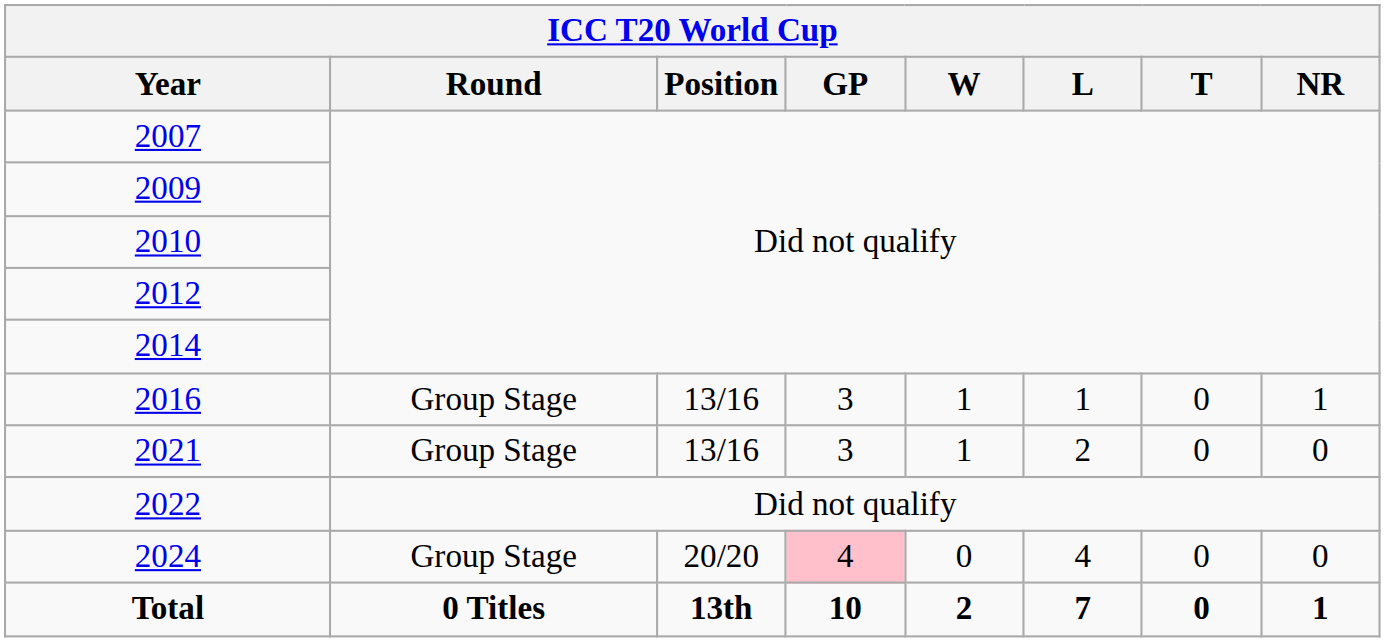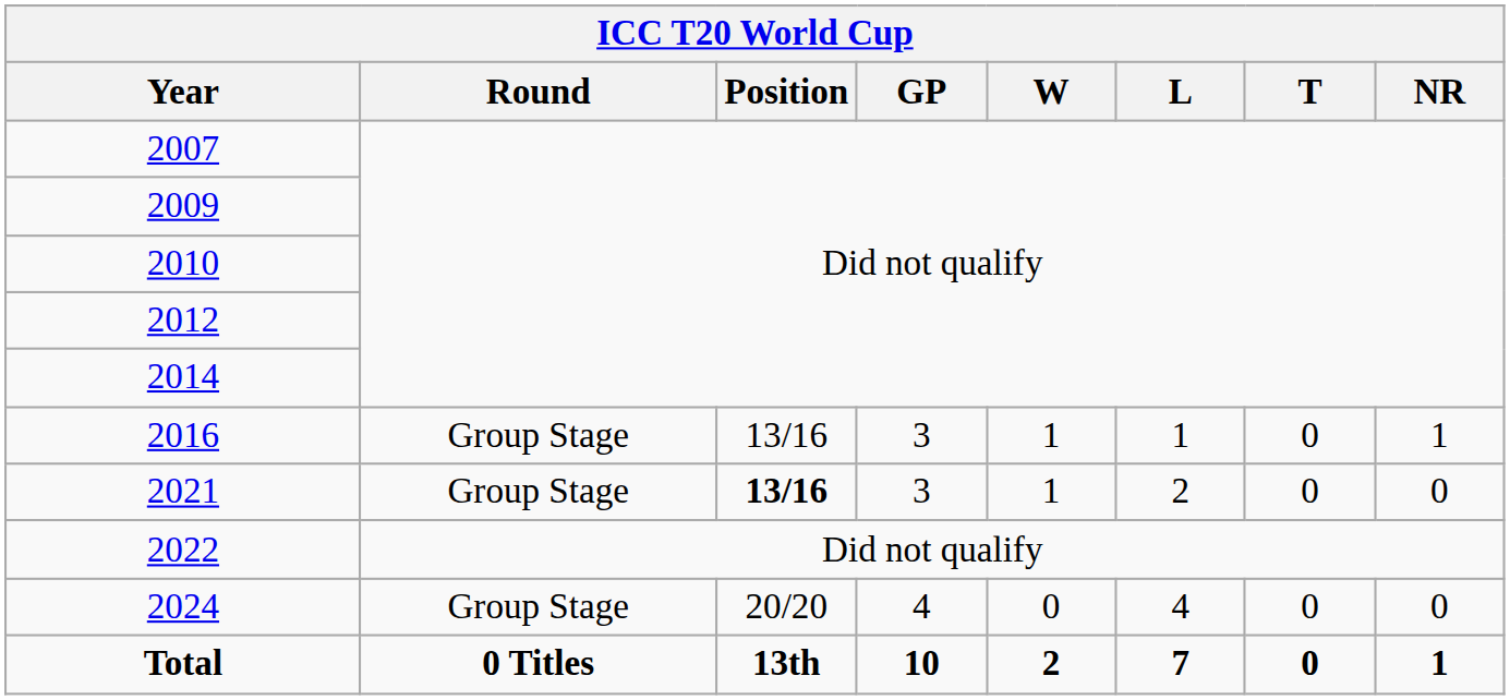 <table class="wikitable" style="text-align: center;">
 <tr>
 <th colspan=9><a href='#'>ICC T20 World Cup</a></th>
 </tr>
 <tr>
 <th width=150>Year</th>
 <th width=150>Round</th>
 <th width=50>Position</th>
 <th width=50>GP</th>
 <th width=50>W</th>
 <th width=50>L</th>
 <th width=50>T</th>
 <th width=50>NR</th>
 </tr>
 <tr>
 <td> <a href='#'>2007</a></td>
 <td colspan="7" rowspan="5">Did not qualify</td>
 </tr>
 <tr>
 <td> <a href='#'>2009</a></td>
 </tr>
 <tr>
 <td> <a href='#'>2010</a></td>
 </tr>
 <tr>
 <td> <a href='#'>2012</a></td>
 </tr>
 <tr>
 <td> <a href='#'>2014</a></td>
 </tr>
 <tr>
 <td> <a href='#'>2016</a></td>
 <td>Group Stage</td>
 <td>13/16</td>
 <td>3</td>
 <td>1</td>
 <td>1</td>
 <td>0</td>
 <td>1</td>
 </tr>
 <tr>
 <td> <a href='#'>2021</a></td>
 <td>Group Stage</td>
-<td>13/16</td>
+<td><strong>13/16</strong></td>
 <td>3</td>
 <td>1</td>
 <td>2</td>
 <td>0</td>
 <td>0</td>
 </tr>
 <tr>
 <td> <a href='#'>2022</a></td>
 <td colspan="7">Did not qualify</td>
 </tr>
 <tr>
 <td> <a href='#'>2024</a></td>
 <td>Group Stage</td>
 <td>20/20</td>
-<td style="background: pink;">4</td>
+<td>4</td>
 <td>0</td>
 <td>4</td>
 <td>0</td>
 <td>0</td>
 </tr>
 <tr>
 <td><strong>Total</strong></td>
 <td><strong>0 Titles</strong></td>
 <td><strong>13th</strong></td>
 <td><strong>10</strong></td>
 <td><strong>2</strong></td>
 <td><strong>7</strong></td>
 <td><strong>0</strong></td>
 <td><strong>1</strong></td>
 </tr>
 </table>
